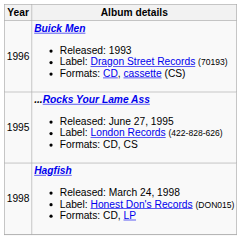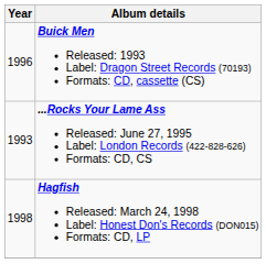 <table class="wikitable">
 <tr>
 <th rowspan="1">Year</th>
 <th rowspan="1">Album details</th>
 </tr>
 <tr>
 <td>1996</td>
 <td><strong><em><a href='#'>Buick Men</a></em></strong><br><ul><li>Released: 1993</li><li>Label: <a href='#'>Dragon Street Records</a> <small>(70193)</small></li><li>Formats: <a href='#'>CD</a>, <a href='#'>cassette</a> (CS)</li></ul></td>
 </tr>
 <tr>
-<td>1995</td>
+<td>1993</td>
 <td><strong><em>...<a href='#'>Rocks Your Lame Ass</a></em></strong><br><ul><li>Released: June 27, 1995</li><li>Label: <a href='#'>London Records</a> <small>(422-828-626)</small></li><li>Formats: CD, CS</li></ul></td>
 </tr>
 <tr>
 <td>1998</td>
 <td><strong><em><a href='#'>Hagfish</a></em></strong><br><ul><li>Released: March 24, 1998</li><li>Label: <a href='#'>Honest Don's Records</a> <small>(DON015)</small></li><li>Formats: CD, <a href='#'>LP</a></li></ul></td>
 </tr>
 <tr>
 </tr>
 </table>
